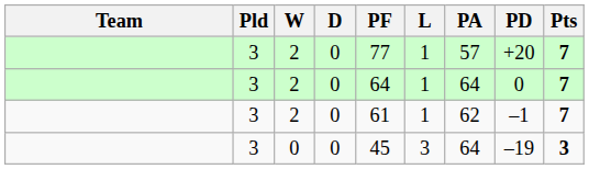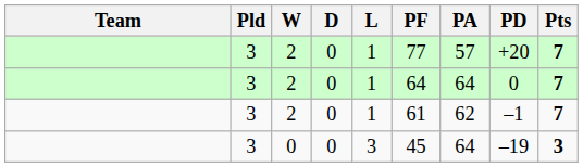 <table class="wikitable" style="text-align:center;">
 <tr>
 <th width=175>Team</th>
 <th width=25 abbr="Played">Pld</th>
 <th width=25 abbr="Won">W</th>
 <th width=25 abbr="Drawn">D</th>
+<th width=25 abbr="Lost">L</th>
 <th width=32 abbr="Points for">PF</th>
-<th width=25 abbr="Lost">L</th>
 <th width=32 abbr="Points against">PA</th>
 <th width=32 abbr="Points difference">PD</th>
 <th width=25 abbr="Points">Pts</th>
 </tr>
 <tr bgcolor=ccffcc>
 <td align=left></td>
 <td>3</td>
 <td>2</td>
 <td>0</td>
+<td>1</td>
 <td>77</td>
-<td>1</td>
 <td>57</td>
 <td>+20</td>
 <td><strong>7</strong></td>
 </tr>
 <tr bgcolor=ccffcc>
 <td align=left></td>
 <td>3</td>
 <td>2</td>
 <td>0</td>
+<td>1</td>
 <td>64</td>
-<td>1</td>
 <td>64</td>
 <td>0</td>
 <td><strong>7</strong></td>
 </tr>
 <tr>
 <td align=left></td>
 <td>3</td>
 <td>2</td>
 <td>0</td>
+<td>1</td>
 <td>61</td>
-<td>1</td>
 <td>62</td>
 <td>–1</td>
 <td><strong>7</strong></td>
 </tr>
 <tr>
 <td align=left></td>
 <td>3</td>
 <td>0</td>
 <td>0</td>
+<td>3</td>
 <td>45</td>
-<td>3</td>
 <td>64</td>
 <td>–19</td>
 <td><strong>3</strong></td>
 </tr>
 </table>
